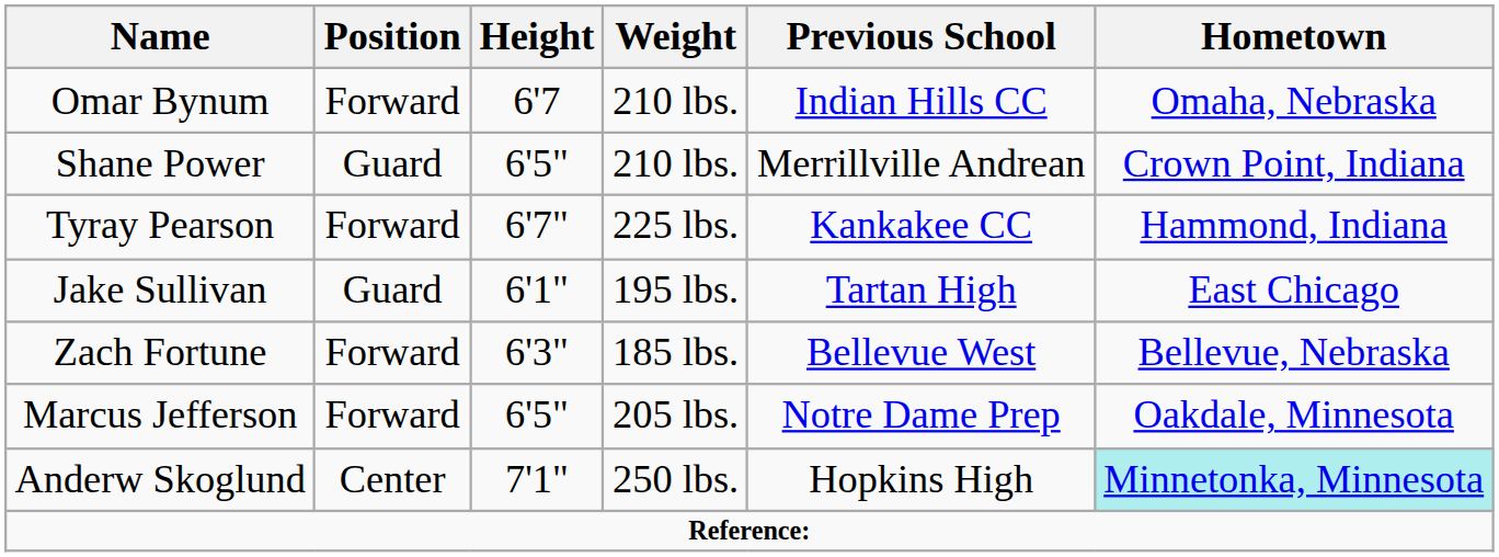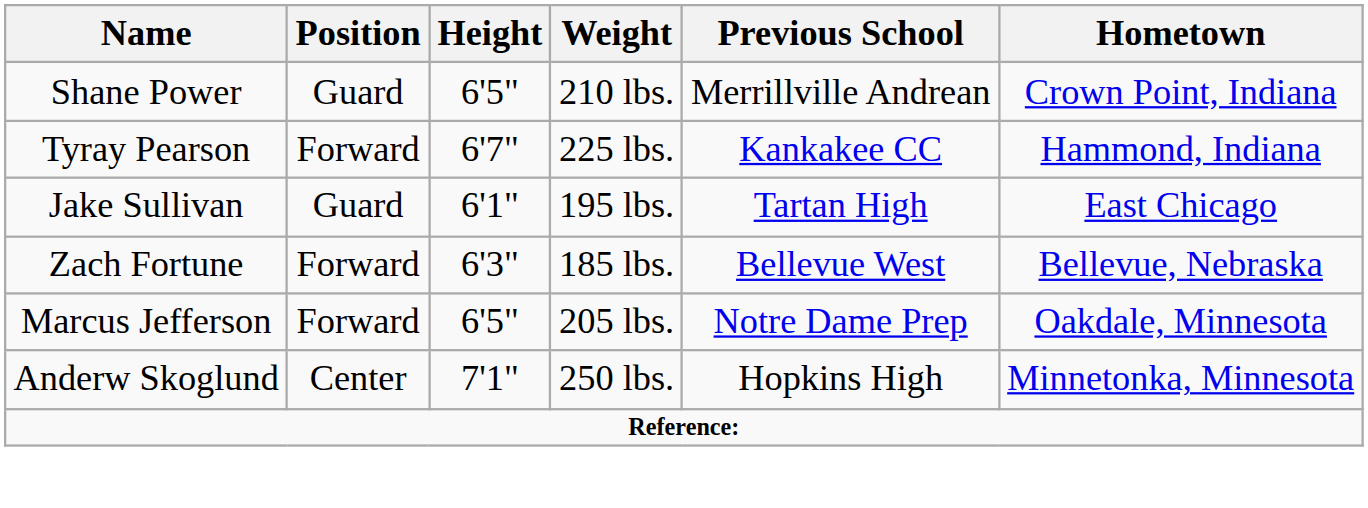 <table class="wikitable" style="text-align: center">
 <tr align=center>
 <th>Name</th>
 <th>Position</th>
 <th>Height</th>
 <th>Weight</th>
 <th>Previous School</th>
 <th>Hometown</th>
-</tr>
-<tr>
-<td>Omar Bynum</td>
-<td>Forward</td>
-<td>6'7</td>
-<td>210 lbs.</td>
-<td><a href='#'>Indian Hills CC</a></td>
-<td><a href='#'>Omaha, Nebraska</a></td>
 </tr>
 <tr>
 <td>Shane Power</td>
 <td>Guard</td>
 <td>6'5"</td>
 <td>210 lbs.</td>
 <td>Merrillville Andrean</td>
 <td><a href='#'>Crown Point, Indiana</a></td>
 </tr>
 <tr>
 <td>Tyray Pearson</td>
 <td>Forward</td>
 <td>6'7"</td>
 <td>225 lbs.</td>
 <td><a href='#'>Kankakee CC</a></td>
 <td><a href='#'>Hammond, Indiana</a></td>
 </tr>
 <tr>
 <td>Jake Sullivan</td>
 <td>Guard</td>
 <td>6'1"</td>
 <td>195 lbs.</td>
 <td><a href='#'>Tartan High</a></td>
 <td><a href='#'>East Chicago</a></td>
 </tr>
 <tr>
 <td>Zach Fortune</td>
 <td>Forward</td>
 <td>6'3"</td>
 <td>185 lbs.</td>
 <td><a href='#'>Bellevue West</a></td>
 <td><a href='#'>Bellevue, Nebraska</a></td>
 </tr>
 <tr>
 <td>Marcus Jefferson</td>
 <td>Forward</td>
 <td>6'5"</td>
 <td>205 lbs.</td>
 <td><a href='#'>Notre Dame Prep</a></td>
 <td><a href='#'>Oakdale, Minnesota</a></td>
 </tr>
 <tr>
 <td>Anderw Skoglund</td>
 <td>Center</td>
 <td>7'1"</td>
 <td>250 lbs.</td>
 <td>Hopkins High</td>
-<td style="background: paleturquoise;"><a href='#'>Minnetonka, Minnesota</a></td>
+<td><a href='#'>Minnetonka, Minnesota</a></td>
 </tr>
 <tr>
 <td colspan="6"  style="font-size:8pt; text-align:center;"><strong>Reference:</strong></td>
 </tr>
 </table>
